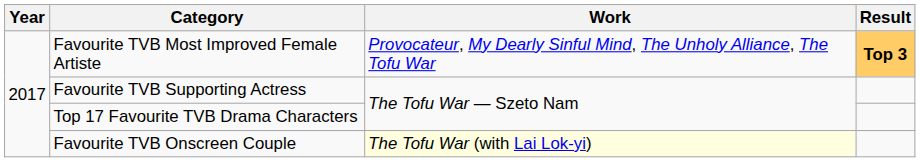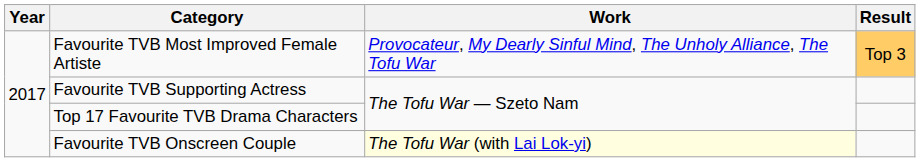 <table class="wikitable sortable">
 <tr>
 <th>Year</th>
 <th>Category</th>
 <th>Work</th>
 <th>Result</th>
 </tr>
 <tr>
 <td rowspan=4>2017</td>
 <td>Favourite TVB Most Improved Female Artiste</td>
 <td><em><a href='#'>Provocateur</a></em>, <em><a href='#'>My Dearly Sinful Mind</a></em>, <em><a href='#'>The Unholy Alliance</a></em>, <em><a href='#'>The Tofu War</a></em></td>
-<td style="background-color:#ffcc66; text-align:center;"><strong>Top 3</strong></td>
+<td style="background-color:#ffcc66; text-align:center;">Top 3</td>
 </tr>
 <tr>
 <td>Favourite TVB Supporting Actress</td>
 <td rowspan=2><em>The Tofu War</em> — Szeto Nam</td>
 <td></td>
 </tr>
 <tr>
 <td>Top 17 Favourite TVB Drama Characters</td>
 <td></td>
 </tr>
 <tr>
 <td>Favourite TVB Onscreen Couple</td>
 <td style="background: lightyellow;"><em>The Tofu War</em> (with <a href='#'>Lai Lok-yi</a>)</td>
 <td></td>
 </tr>
 </table>
